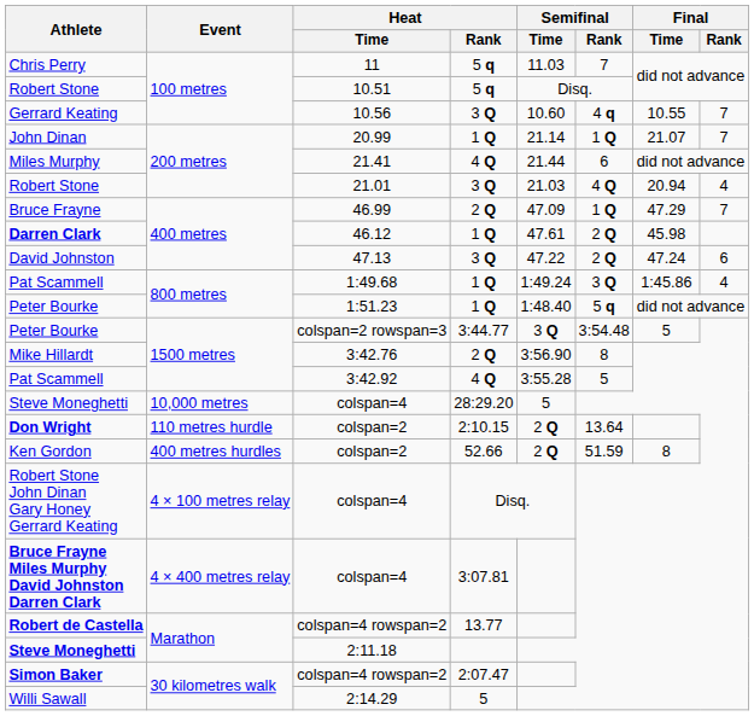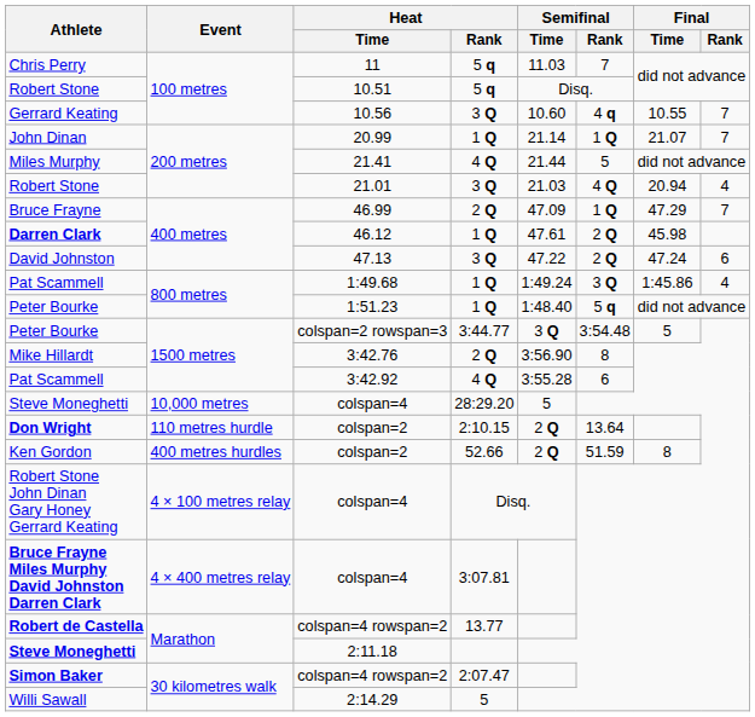 <table class="wikitable" style="font-size:90%">
 <tr>
 <th rowspan="2">Athlete</th>
 <th rowspan="2">Event</th>
 <th colspan="2">Heat</th>
 <th colspan="2">Semifinal</th>
 <th colspan="2">Final</th>
 </tr>
 <tr style="font-size:95%">
 <th>Time</th>
 <th>Rank</th>
 <th>Time</th>
 <th>Rank</th>
 <th>Time</th>
 <th>Rank</th>
 </tr>
 <tr align=center>
 <td align=left><a href='#'>Chris Perry</a></td>
 <td rowspan=3 align=left><a href='#'>100 metres</a></td>
 <td>11</td>
 <td>5 <strong>q</strong></td>
 <td>11.03</td>
 <td>7</td>
 <td colspan=2 rowspan=2>did not advance</td>
 </tr>
 <tr align=center>
 <td align=left><a href='#'>Robert Stone</a></td>
 <td>10.51</td>
 <td>5 <strong>q</strong></td>
 <td colspan=2>Disq.</td>
 </tr>
 <tr align=center>
 <td align=left><a href='#'>Gerrard Keating</a></td>
 <td>10.56</td>
 <td>3 <strong>Q</strong></td>
 <td>10.60</td>
 <td>4 <strong>q</strong></td>
 <td>10.55</td>
 <td>7</td>
 </tr>
 <tr align=center>
 <td align=left><a href='#'>John Dinan</a></td>
 <td rowspan=3 align=left><a href='#'>200 metres</a></td>
 <td>20.99</td>
 <td>1 <strong>Q</strong></td>
 <td>21.14</td>
 <td>1 <strong>Q</strong></td>
 <td>21.07</td>
 <td>7</td>
 </tr>
 <tr align=center>
 <td align=left><a href='#'>Miles Murphy</a></td>
 <td>21.41</td>
 <td>4 <strong>Q</strong></td>
 <td>21.44</td>
-<td>6</td>
+<td>5</td>
 <td colspan=2>did not advance</td>
 </tr>
 <tr align=center>
 <td align=left><a href='#'>Robert Stone</a></td>
 <td>21.01</td>
 <td>3 <strong>Q</strong></td>
 <td>21.03</td>
 <td>4 <strong>Q</strong></td>
 <td>20.94</td>
 <td>4</td>
 </tr>
 <tr align=center>
 <td align=left><a href='#'>Bruce Frayne</a></td>
 <td align=left rowspan=3><a href='#'>400 metres</a></td>
 <td>46.99</td>
 <td>2 <strong>Q</strong></td>
 <td>47.09</td>
 <td>1 <strong>Q</strong></td>
 <td>47.29</td>
 <td>7</td>
 </tr>
 <tr align=center>
 <td align=left><strong><a href='#'>Darren Clark</a></strong></td>
 <td>46.12</td>
 <td>1 <strong>Q</strong></td>
 <td>47.61</td>
 <td>2 <strong>Q</strong></td>
 <td>45.98</td>
 <td></td>
 </tr>
 <tr align=center>
 <td align=left><a href='#'>David Johnston</a></td>
 <td>47.13</td>
 <td>3 <strong>Q</strong></td>
 <td>47.22</td>
 <td>2 <strong>Q</strong></td>
 <td>47.24</td>
 <td>6</td>
 </tr>
 <tr align=center>
 <td align=left><a href='#'>Pat Scammell</a></td>
 <td rowspan=2 align=left><a href='#'>800 metres</a></td>
 <td>1:49.68</td>
 <td>1 <strong>Q</strong></td>
 <td>1:49.24</td>
 <td>3 <strong>Q</strong></td>
 <td>1:45.86</td>
 <td>4</td>
 </tr>
 <tr align=center>
 <td align=left><a href='#'>Peter Bourke</a></td>
 <td>1:51.23</td>
 <td>1 <strong>Q</strong></td>
 <td>1:48.40</td>
 <td>5 <strong>q</strong></td>
 <td colspan=2>did not advance</td>
 </tr>
 <tr align=center>
 <td align=left><a href='#'>Peter Bourke</a></td>
 <td rowspan=3 align=left><a href='#'>1500 metres</a></td>
 <td>colspan=2 rowspan=3 </td>
 <td>3:44.77</td>
 <td>3 <strong>Q</strong></td>
 <td>3:54.48</td>
 <td>5</td>
 </tr>
 <tr align=center>
 <td align=left><a href='#'>Mike Hillardt</a></td>
 <td>3:42.76</td>
 <td>2 <strong>Q</strong></td>
 <td>3:56.90</td>
 <td>8</td>
 </tr>
 <tr align=center>
 <td align=left><a href='#'>Pat Scammell</a></td>
 <td>3:42.92</td>
 <td>4 <strong>Q</strong></td>
 <td>3:55.28</td>
-<td>5</td>
+<td>6</td>
 </tr>
 <tr align=center>
 <td align=left><a href='#'>Steve Moneghetti</a></td>
 <td align=left><a href='#'>10,000 metres</a></td>
 <td>colspan=4 </td>
 <td>28:29.20</td>
 <td>5</td>
 </tr>
 <tr align=center>
 <td align=left><strong><a href='#'>Don Wright</a></strong></td>
 <td align=left><a href='#'>110 metres hurdle</a></td>
 <td>colspan=2 </td>
 <td>2:10.15</td>
 <td>2 <strong>Q</strong></td>
 <td>13.64</td>
 <td></td>
 </tr>
 <tr align=center>
 <td align=left><a href='#'>Ken Gordon</a></td>
 <td align=left><a href='#'>400 metres hurdles</a></td>
 <td>colspan=2 </td>
 <td>52.66</td>
 <td>2 <strong>Q</strong></td>
 <td>51.59</td>
 <td>8</td>
 </tr>
 <tr align=center>
 <td align=left><a href='#'>Robert Stone</a><br><a href='#'>John Dinan</a><br><a href='#'>Gary Honey</a><br><a href='#'>Gerrard Keating</a></td>
 <td align=left><a href='#'>4 × 100 metres relay</a></td>
 <td>colspan=4 </td>
 <td colspan=2>Disq.</td>
 </tr>
 <tr align=center>
 <td align=left><strong><a href='#'>Bruce Frayne</a></strong><br><strong><a href='#'>Miles Murphy</a></strong><br><strong><a href='#'>David Johnston</a></strong><br><strong><a href='#'>Darren Clark</a></strong></td>
 <td align=left><a href='#'>4 × 400 metres relay</a></td>
 <td>colspan=4 </td>
 <td>3:07.81</td>
 <td></td>
 </tr>
 <tr align=center>
 <td align=left><strong><a href='#'>Robert de Castella</a></strong></td>
 <td rowspan=2 align=left><a href='#'>Marathon</a></td>
 <td>colspan=4 rowspan=2 </td>
 <td>13.77</td>
 <td></td>
 </tr>
 <tr align=center>
 <td align=left><strong><a href='#'>Steve Moneghetti</a></strong></td>
 <td>2:11.18</td>
 <td></td>
 </tr>
 <tr align=center>
 <td align=left><strong><a href='#'>Simon Baker</a></strong></td>
 <td rowspan=2 align=left><a href='#'>30 kilometres walk</a></td>
 <td>colspan=4 rowspan=2 </td>
 <td>2:07.47</td>
 <td></td>
 </tr>
 <tr align=center>
 <td align=left><a href='#'>Willi Sawall</a></td>
 <td>2:14.29</td>
 <td>5</td>
 </tr>
 </table>
